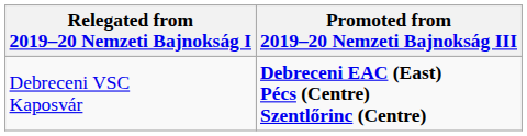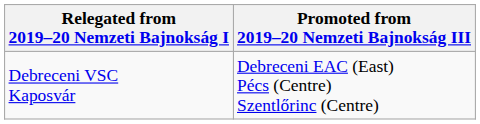 <table class="wikitable">
 <tr>
 <th>Relegated from<br><a href='#'>2019–20 Nemzeti Bajnokság I</a></th>
 <th>Promoted from<br><a href='#'>2019–20 Nemzeti Bajnokság III</a></th>
 </tr>
 <tr>
 <td> <a href='#'>Debreceni VSC</a><br> <a href='#'>Kaposvár</a></td>
-<td><strong> <a href='#'>Debreceni EAC</a> (East)<br> <a href='#'>Pécs</a> (Centre)<br> <a href='#'>Szentlőrinc</a> (Centre)</strong></td>
+<td> <a href='#'>Debreceni EAC</a> (East)<br> <a href='#'>Pécs</a> (Centre)<br> <a href='#'>Szentlőrinc</a> (Centre)</td>
 </tr>
 </table>
